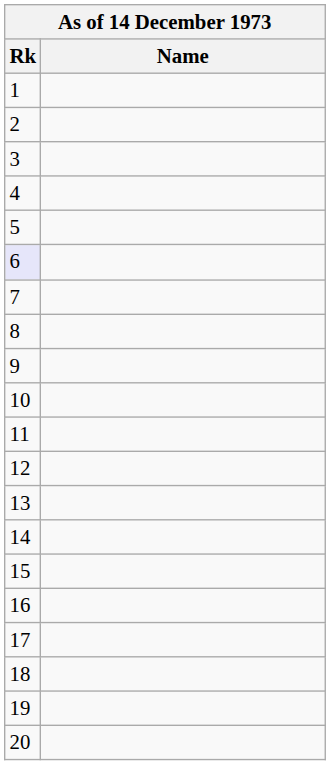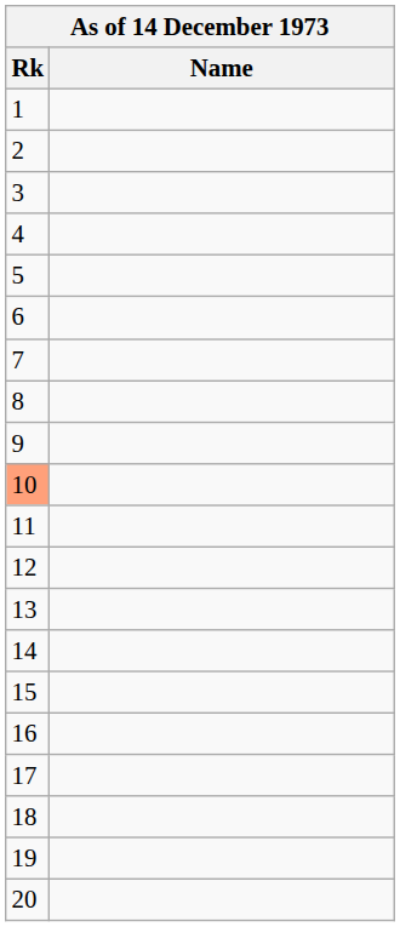 <table class="wikitable" style="font-size:95%">
 <tr>
 <th colspan="2">As of 14 December 1973</th>
 </tr>
 <tr>
 <th>Rk</th>
 <th width="200">Name</th>
 </tr>
 <tr>
 <td>1</td>
 <td></td>
 </tr>
 <tr>
 <td>2</td>
 <td></td>
 </tr>
 <tr>
 <td>3</td>
 <td></td>
 </tr>
 <tr>
 <td>4</td>
 <td></td>
 </tr>
 <tr>
 <td>5</td>
 <td></td>
 </tr>
 <tr>
-<td style="background: lavender;">6</td>
+<td>6</td>
 <td></td>
 </tr>
 <tr>
 <td>7</td>
 <td></td>
 </tr>
 <tr>
 <td>8</td>
 <td></td>
 </tr>
 <tr>
 <td>9</td>
 <td></td>
 </tr>
 <tr>
-<td>10</td>
+<td style="background: lightsalmon;">10</td>
 <td></td>
 </tr>
 <tr>
 <td>11</td>
 <td></td>
 </tr>
 <tr>
 <td>12</td>
 <td></td>
 </tr>
 <tr>
 <td>13</td>
 <td></td>
 </tr>
 <tr>
 <td>14</td>
 <td></td>
 </tr>
 <tr>
 <td>15</td>
 <td></td>
 </tr>
 <tr>
 <td>16</td>
 <td></td>
 </tr>
 <tr>
 <td>17</td>
 <td></td>
 </tr>
 <tr>
 <td>18</td>
 <td></td>
 </tr>
 <tr>
 <td>19</td>
 <td></td>
 </tr>
 <tr>
 <td>20</td>
 <td></td>
 </tr>
 </table>
